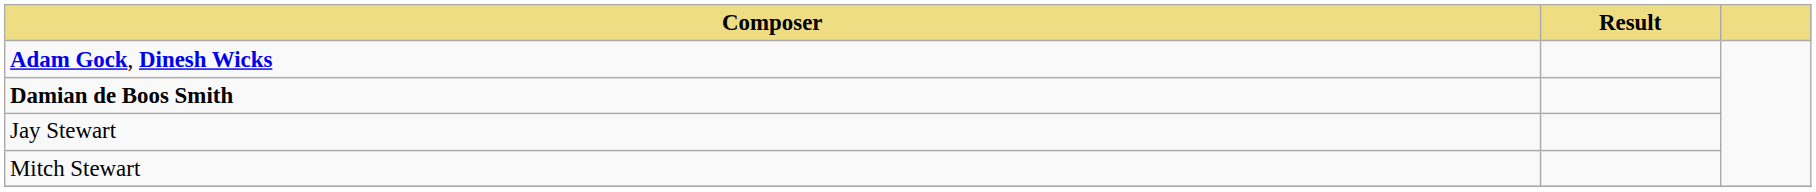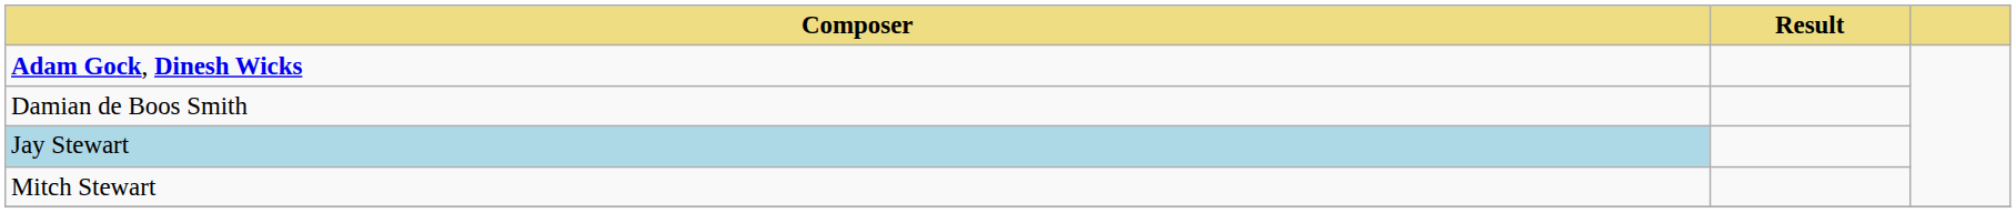 <table class="wikitable" width=100%>
 <tr>
 <th style="width:85%;background:#EEDD82;">Composer</th>
 <th style="width:10%;background:#EEDD82;">Result</th>
 <th style="width:5%;background:#EEDD82;"></th>
 </tr>
 <tr>
 <td><strong><a href='#'>Adam Gock</a></strong>, <strong><a href='#'>Dinesh Wicks</a></strong></td>
 <td></td>
 <td rowspan="4"><br></td>
 </tr>
 <tr>
-<td><strong>Damian de Boos Smith</strong></td>
+<td>Damian de Boos Smith</td>
 <td></td>
 </tr>
 <tr>
-<td>Jay Stewart</td>
+<td style="background: lightblue;">Jay Stewart</td>
 <td></td>
 </tr>
 <tr>
 <td>Mitch Stewart</td>
 <td></td>
 </tr>
 <tr>
 </tr>
 </table>
